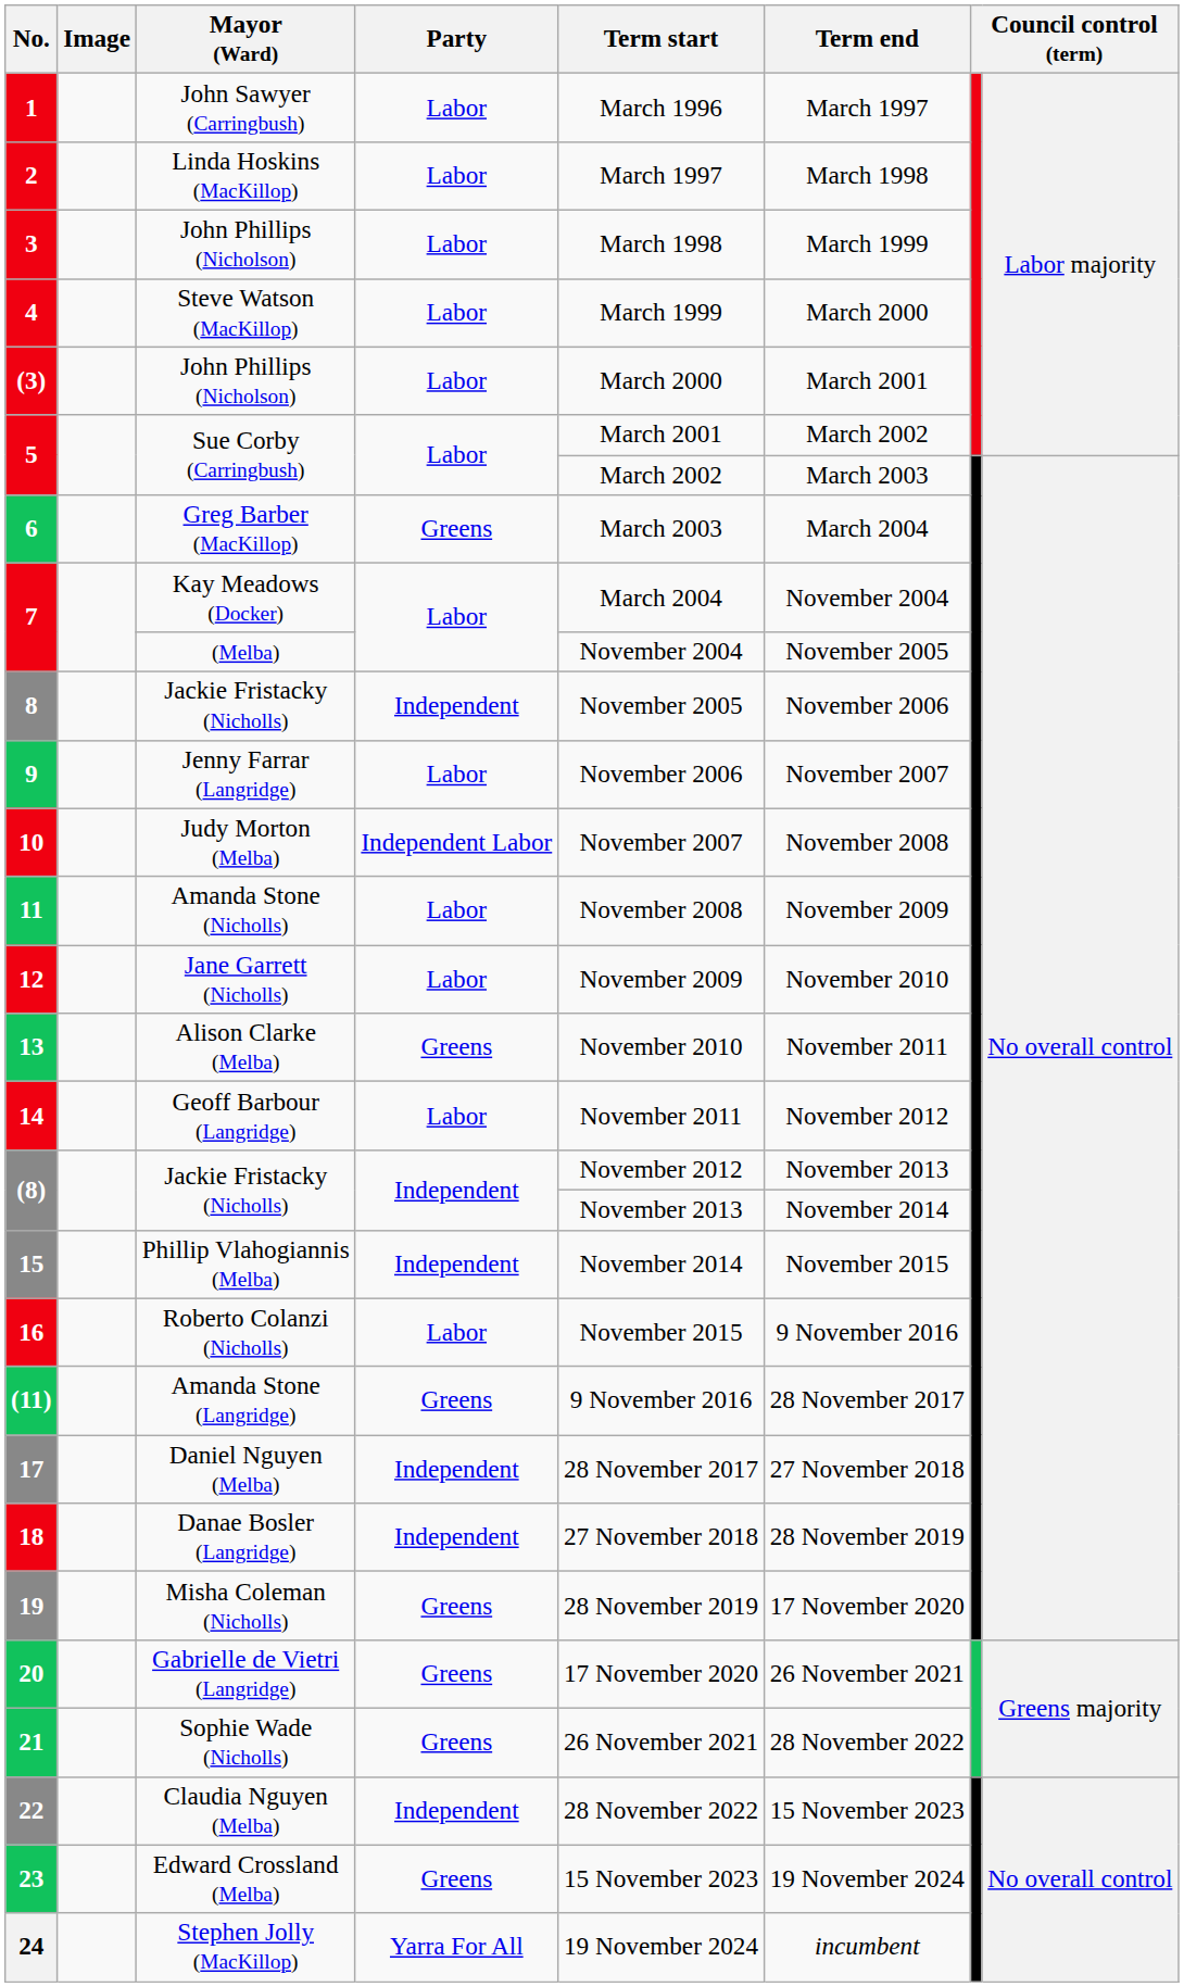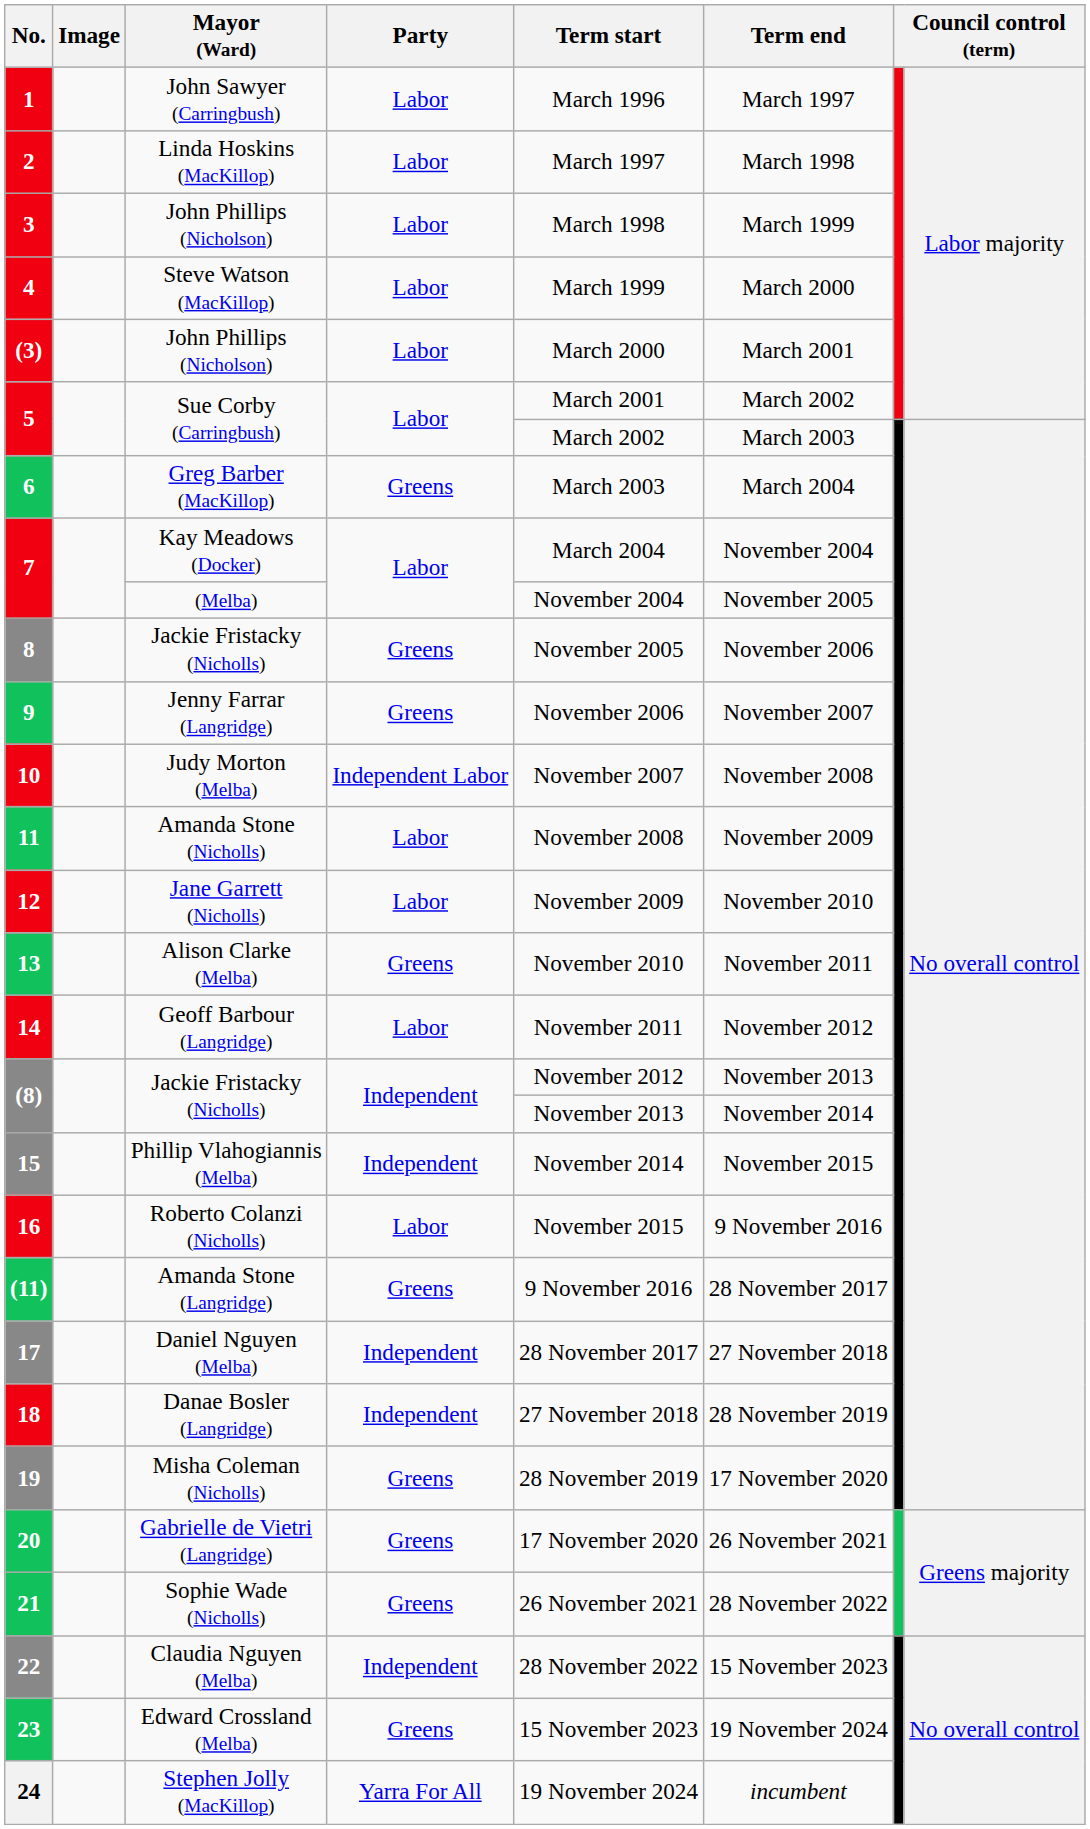 <table class="wikitable">
 <tr>
 <th>No.</th>
 <th>Image</th>
 <th>Mayor <br> <small> (Ward) </small></th>
 <th>Party</th>
 <th>Term start</th>
 <th>Term end</th>
 <th colspan="3">Council control <br> <small> (term) </small></th>
 </tr>
 <tr>
 <th style="background:#F00011; color:white">1</th>
 <td align="center"></td>
 <td align="center">John Sawyer <br> <small> (<a href='#'>Carringbush</a>) </small></td>
 <td align="center"><a href='#'>Labor</a></td>
 <td align="center">March 1996</td>
 <td align="center">March 1997</td>
 <td rowspan="6" style="background-color:#F00011; border-bottom:solid 0 gray"></td>
 <th rowspan="6" style="font-weight:normal"><a href='#'>Labor</a> majority <br> <small></small></th>
 </tr>
 <tr>
 <th style="background:#F00011; color:white">2</th>
 <td align="center"></td>
 <td align="center">Linda Hoskins <br> <small> (<a href='#'>MacKillop</a>) </small></td>
 <td align="center"><a href='#'>Labor</a></td>
 <td align="center">March 1997</td>
 <td align="center">March 1998</td>
 </tr>
 <tr>
 <th style="background:#F00011; color:white">3</th>
 <td align="center"></td>
 <td align="center">John Phillips <br> <small> (<a href='#'>Nicholson</a>) </small></td>
 <td align="center"><a href='#'>Labor</a></td>
 <td align="center">March 1998</td>
 <td align="center">March 1999</td>
 </tr>
 <tr>
 <th style="background:#F00011; color:white">4</th>
 <td align="center"></td>
 <td align="center">Steve Watson <br> <small> (<a href='#'>MacKillop</a>) </small></td>
 <td align="center"><a href='#'>Labor</a></td>
 <td align="center">March 1999</td>
 <td align="center">March 2000</td>
 </tr>
 <tr>
 <th style="background:#F00011; color:white">(3)</th>
 <td align="center"></td>
 <td align="center">John Phillips <br> <small> (<a href='#'>Nicholson</a>) </small></td>
 <td align="center"><a href='#'>Labor</a></td>
 <td align="center">March 2000</td>
 <td align="center">March 2001</td>
 </tr>
 <tr>
 <th rowspan="2"; style="background:#F00011; color:white">5</th>
 <td rowspan="2"; align="center"></td>
 <td rowspan="2"; align="center">Sue Corby <br> <small> (<a href='#'>Carringbush</a>) </small></td>
 <td rowspan="2"; align="center"><a href='#'>Labor</a></td>
 <td align="center">March 2001</td>
 <td align="center">March 2002</td>
 </tr>
 <tr>
 <td align="center">March 2002</td>
 <td align="center">March 2003</td>
 <td rowspan="19" style="background-color:#000000; border-bottom:solid 0 gray"></td>
 <th rowspan="19" style="font-weight:normal"><a href='#'>No overall control</a> <br> <small></small></th>
 </tr>
 <tr>
 <th style="background:#11C25C; color:white">6</th>
 <td align="center"></td>
 <td align="center"><a href='#'>Greg Barber</a> <br> <small> (<a href='#'>MacKillop</a>) </small></td>
 <td align="center"><a href='#'>Greens</a></td>
 <td align="center">March 2003</td>
 <td align="center">March 2004</td>
 </tr>
 <tr>
 <th rowspan="2"; style="background:#F00011; color:white">7</th>
 <td rowspan="2"; align="center"></td>
 <td align="center">Kay Meadows <br> <small> (<a href='#'>Docker</a>) </small></td>
 <td rowspan="2"; align="center"><a href='#'>Labor</a></td>
 <td align="center">March 2004</td>
 <td align="center">November 2004</td>
 </tr>
 <tr>
 <td align="center"><small> (<a href='#'>Melba</a>) </small></td>
 <td align="center">November 2004</td>
 <td align="center">November 2005</td>
 </tr>
 <tr>
 <th style="background:#888888; color:white">8</th>
 <td align="center"></td>
 <td align="center">Jackie Fristacky	<br> <small> (<a href='#'>Nicholls</a>) </small></td>
-<td align="center"><a href='#'>Independent</a></td>
+<td align="center"><a href='#'>Greens</a></td>
 <td align="center">November 2005</td>
 <td align="center">November 2006</td>
 </tr>
 <tr>
 <th style="background:#11C25C; color:white">9</th>
 <td align="center"></td>
 <td align="center">Jenny Farrar <br> <small> (<a href='#'>Langridge</a>) </small></td>
-<td align="center"><a href='#'>Labor</a></td>
+<td align="center"><a href='#'>Greens</a></td>
 <td align="center">November 2006</td>
 <td align="center">November 2007</td>
 </tr>
 <tr>
 <th style="background:#F00011; color:white">10</th>
 <td align="center"></td>
 <td align="center">Judy Morton <br> <small> (<a href='#'>Melba</a>) </small></td>
 <td align="center"><a href='#'>Independent Labor</a></td>
 <td align="center">November 2007</td>
 <td align="center">November 2008</td>
 </tr>
 <tr>
 <th style="background:#11C25C; color:white">11</th>
 <td align="center"></td>
 <td align="center">Amanda Stone	<br> <small> (<a href='#'>Nicholls</a>) </small></td>
 <td align="center"><a href='#'>Labor</a></td>
 <td align="center">November 2008</td>
 <td align="center">November 2009</td>
 </tr>
 <tr>
 <th style="background:#F00011; color:white">12</th>
 <td align="center"></td>
 <td align="center"><a href='#'>Jane Garrett</a> <br> <small> (<a href='#'>Nicholls</a>) </small></td>
 <td align="center"><a href='#'>Labor</a></td>
 <td align="center">November 2009</td>
 <td align="center">November 2010</td>
 </tr>
 <tr>
 <th style="background:#11C25C; color:white">13</th>
 <td align="center"></td>
 <td align="center">Alison Clarke <br> <small> (<a href='#'>Melba</a>) </small></td>
 <td align="center"><a href='#'>Greens</a></td>
 <td align="center">November 2010</td>
 <td align="center">November 2011</td>
 </tr>
 <tr>
 <th style="background:#F00011; color:white">14</th>
 <td align="center"></td>
 <td align="center">Geoff Barbour <br> <small> (<a href='#'>Langridge</a>) </small></td>
 <td align="center"><a href='#'>Labor</a></td>
 <td align="center">November 2011</td>
 <td align="center">November 2012</td>
 </tr>
 <tr>
 <th rowspan="2"; style="background:#888888; color:white">(8)</th>
 <td rowspan="2"; align="center"></td>
 <td rowspan="2"; align="center">Jackie Fristacky <br> <small> (<a href='#'>Nicholls</a>) </small></td>
 <td rowspan="2"; align="center"><a href='#'>Independent</a></td>
 <td align="center">November 2012</td>
 <td align="center">November 2013</td>
 </tr>
 <tr>
 <td align="center">November 2013</td>
 <td align="center">November 2014</td>
 </tr>
 <tr>
 <th style="background:#888888; color:white">15</th>
 <td align="center"></td>
 <td align="center">Phillip Vlahogiannis <br> <small> (<a href='#'>Melba</a>) </small></td>
 <td align="center"><a href='#'>Independent</a></td>
 <td align="center">November 2014</td>
 <td align="center">November 2015</td>
 </tr>
 <tr>
 <th style="background:#F00011; color:white">16</th>
 <td align="center"></td>
 <td align="center">Roberto Colanzi <br> <small> (<a href='#'>Nicholls</a>) </small></td>
 <td align="center"><a href='#'>Labor</a></td>
 <td align="center">November 2015</td>
 <td align="center">9 November 2016</td>
 </tr>
 <tr>
 <th style="background:#11C25C; color:white">(11)</th>
 <td align="center"></td>
 <td align="center">Amanda Stone	<br> <small> (<a href='#'>Langridge</a>) </small></td>
 <td align="center"><a href='#'>Greens</a></td>
 <td align="center">9 November 2016</td>
 <td align="center">28 November 2017</td>
 </tr>
 <tr>
 <th style="background:#888888; color:white">17</th>
 <td align="center"></td>
 <td align="center">Daniel Nguyen <br> <small> (<a href='#'>Melba</a>) </small></td>
 <td align="center"><a href='#'>Independent</a></td>
 <td align="center">28 November 2017</td>
 <td align="center">27 November 2018</td>
 </tr>
 <tr>
 <th style="background:#F00011; color:white">18</th>
 <td align="center"></td>
 <td align="center">Danae Bosler <br> <small> (<a href='#'>Langridge</a>) </small></td>
 <td align="center"><a href='#'>Independent</a></td>
 <td align="center">27 November 2018</td>
 <td align="center">28 November 2019</td>
 </tr>
 <tr>
 <th style="background:#888888; color:white">19</th>
 <td align="center"></td>
 <td align="center">Misha Coleman <br> <small> (<a href='#'>Nicholls</a>) </small></td>
 <td align="center"><a href='#'>Greens</a></td>
 <td align="center">28 November 2019</td>
 <td align="center">17 November 2020</td>
 </tr>
 <tr>
 <th style="background:#11C25C; color:white">20</th>
 <td align="center"></td>
 <td align="center"><a href='#'>Gabrielle de Vietri</a> <br> <small> (<a href='#'>Langridge</a>) </small></td>
 <td align="center"><a href='#'>Greens</a></td>
 <td align="center">17 November 2020</td>
 <td align="center">26 November 2021</td>
 <td rowspan="2" style="background-color:#11C25C; border-bottom:solid 0 gray"></td>
 <th rowspan="2" style="font-weight:normal"><a href='#'>Greens</a> majority <br> <small></small></th>
 </tr>
 <tr>
 <th style="background:#11C25C; color:white">21</th>
 <td align="center"></td>
 <td align="center">Sophie Wade <br> <small> (<a href='#'>Nicholls</a>) </small></td>
 <td align="center"><a href='#'>Greens</a></td>
 <td align="center">26 November 2021</td>
 <td align="center">28 November 2022</td>
 </tr>
 <tr>
 <th style="background:#888888; color:white">22</th>
 <td align="center"></td>
 <td align="center">Claudia Nguyen <br> <small> (<a href='#'>Melba</a>) </small></td>
 <td align="center"><a href='#'>Independent</a></td>
 <td align="center">28 November 2022</td>
 <td align="center">15 November 2023</td>
 <td rowspan="4" style="background-color:#000000; border-bottom:solid 0 gray"></td>
 <th rowspan="4" style="font-weight:normal"><a href='#'>No overall control</a> <br> <small></small></th>
 </tr>
 <tr>
 <th style="background:#11C25C; color:white">23</th>
 <td align="center"></td>
 <td align="center">Edward Crossland	<br> <small> (<a href='#'>Melba</a>) </small></td>
 <td align="center"><a href='#'>Greens</a></td>
 <td align="center">15 November 2023</td>
 <td align="center">19 November 2024</td>
 </tr>
 <tr>
 <th style="background:">24</th>
 <td align="center"></td>
 <td align="center"><a href='#'>Stephen Jolly</a> <br> <small> (<a href='#'>MacKillop</a>) </small></td>
 <td align="center"><a href='#'>Yarra For All</a></td>
 <td align="center">19 November 2024</td>
 <td align="center"><em>incumbent</em></td>
 </tr>
 </table>
